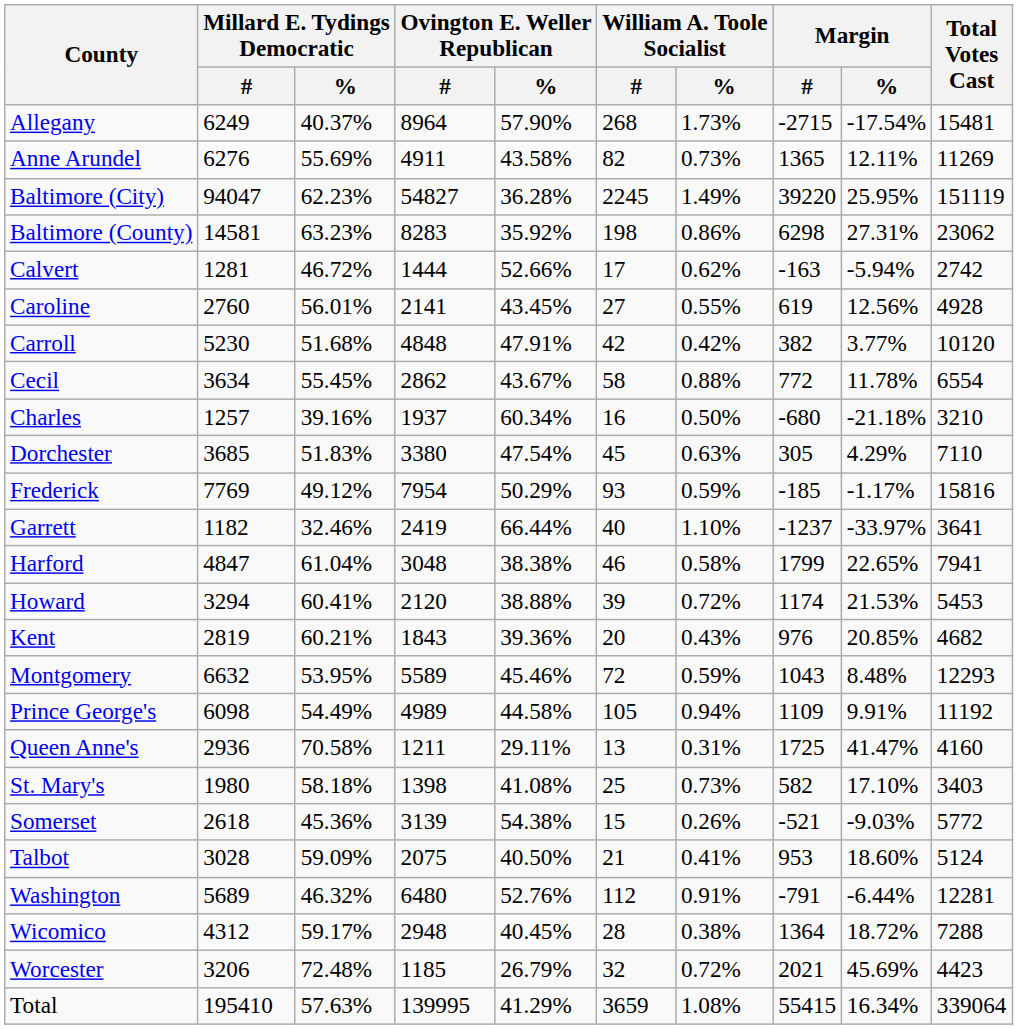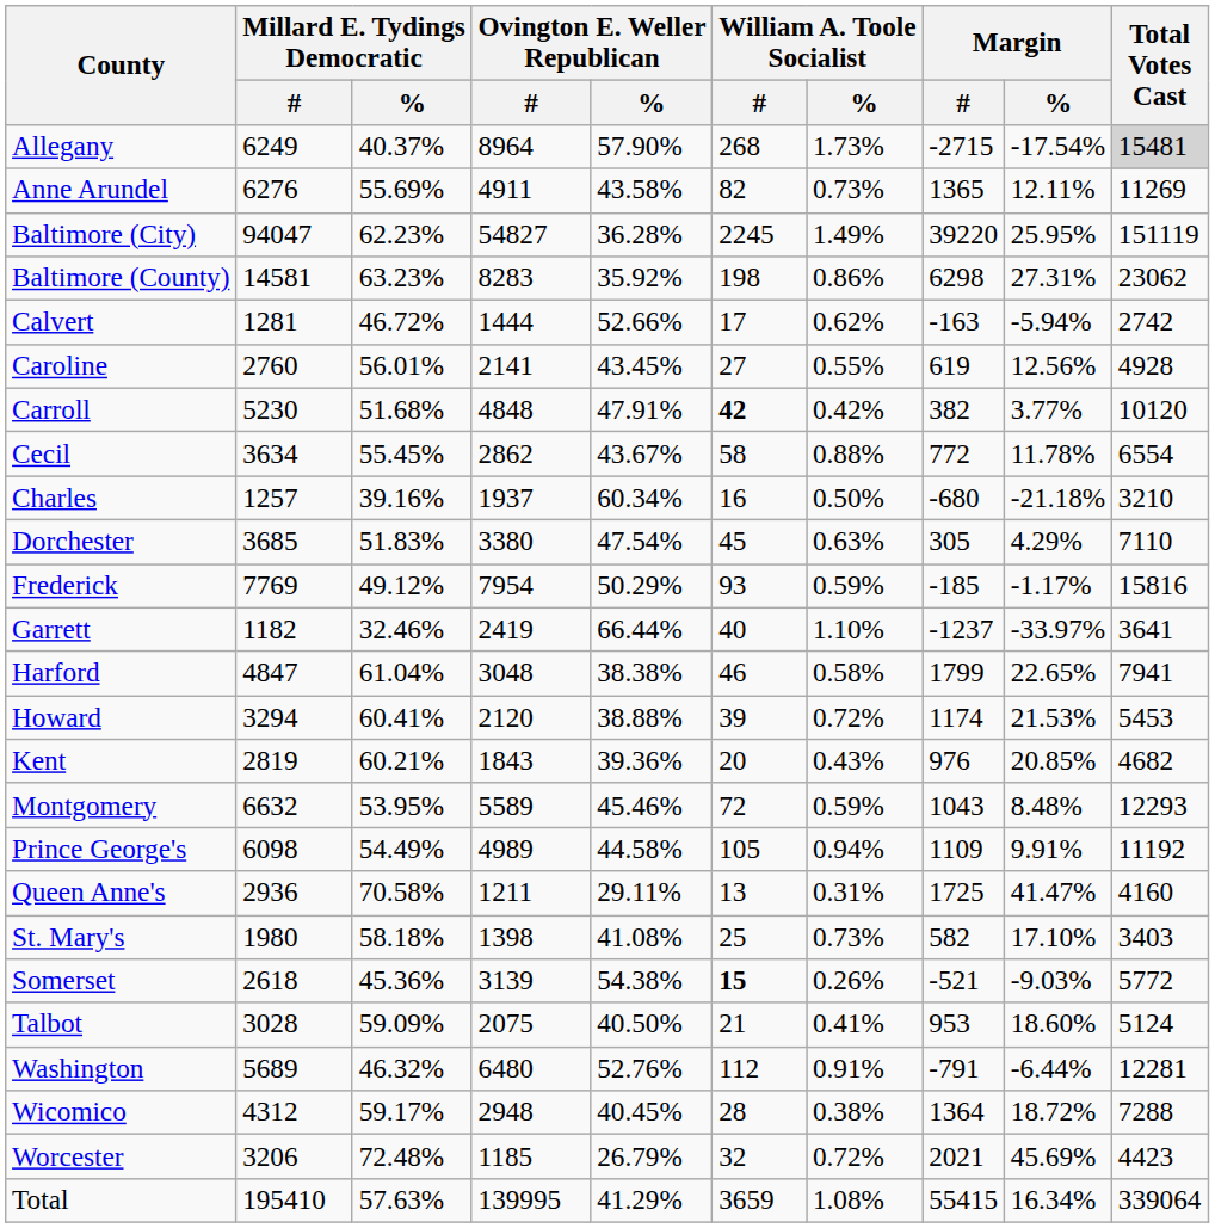 <table class="wikitable sortable">
 <tr>
 <th rowspan="2">County</th>
 <th colspan="2" >Millard E. Tydings<br>Democratic</th>
 <th colspan="2" >Ovington E. Weller<br>Republican</th>
 <th colspan="2" >William A. Toole<br>Socialist</th>
 <th colspan="2">Margin</th>
 <th rowspan="2">Total<br>Votes<br>Cast</th>
 </tr>
 <tr>
 <th>#</th>
 <th>%</th>
 <th>#</th>
 <th>%</th>
 <th>#</th>
 <th>%</th>
 <th>#</th>
 <th>%</th>
 </tr>
 <tr>
 <td><a href='#'>Allegany</a></td>
 <td>6249</td>
 <td>40.37%</td>
 <td>8964</td>
 <td>57.90%</td>
 <td>268</td>
 <td>1.73%</td>
 <td>-2715</td>
 <td>-17.54%</td>
-<td>15481</td>
+<td style="background: lightgrey;">15481</td>
 </tr>
 <tr>
 <td><a href='#'>Anne Arundel</a></td>
 <td>6276</td>
 <td>55.69%</td>
 <td>4911</td>
 <td>43.58%</td>
 <td>82</td>
 <td>0.73%</td>
 <td>1365</td>
 <td>12.11%</td>
 <td>11269</td>
 </tr>
 <tr>
 <td><a href='#'>Baltimore (City)</a></td>
 <td>94047</td>
 <td>62.23%</td>
 <td>54827</td>
 <td>36.28%</td>
 <td>2245</td>
 <td>1.49%</td>
 <td>39220</td>
 <td>25.95%</td>
 <td>151119</td>
 </tr>
 <tr>
 <td><a href='#'>Baltimore (County)</a></td>
 <td>14581</td>
 <td>63.23%</td>
 <td>8283</td>
 <td>35.92%</td>
 <td>198</td>
 <td>0.86%</td>
 <td>6298</td>
 <td>27.31%</td>
 <td>23062</td>
 </tr>
 <tr>
 <td><a href='#'>Calvert</a></td>
 <td>1281</td>
 <td>46.72%</td>
 <td>1444</td>
 <td>52.66%</td>
 <td>17</td>
 <td>0.62%</td>
 <td>-163</td>
 <td>-5.94%</td>
 <td>2742</td>
 </tr>
 <tr>
 <td><a href='#'>Caroline</a></td>
 <td>2760</td>
 <td>56.01%</td>
 <td>2141</td>
 <td>43.45%</td>
 <td>27</td>
 <td>0.55%</td>
 <td>619</td>
 <td>12.56%</td>
 <td>4928</td>
 </tr>
 <tr>
 <td><a href='#'>Carroll</a></td>
 <td>5230</td>
 <td>51.68%</td>
 <td>4848</td>
 <td>47.91%</td>
-<td>42</td>
+<td><strong>42</strong></td>
 <td>0.42%</td>
 <td>382</td>
 <td>3.77%</td>
 <td>10120</td>
 </tr>
 <tr>
 <td><a href='#'>Cecil</a></td>
 <td>3634</td>
 <td>55.45%</td>
 <td>2862</td>
 <td>43.67%</td>
 <td>58</td>
 <td>0.88%</td>
 <td>772</td>
 <td>11.78%</td>
 <td>6554</td>
 </tr>
 <tr>
 <td><a href='#'>Charles</a></td>
 <td>1257</td>
 <td>39.16%</td>
 <td>1937</td>
 <td>60.34%</td>
 <td>16</td>
 <td>0.50%</td>
 <td>-680</td>
 <td>-21.18%</td>
 <td>3210</td>
 </tr>
 <tr>
 <td><a href='#'>Dorchester</a></td>
 <td>3685</td>
 <td>51.83%</td>
 <td>3380</td>
 <td>47.54%</td>
 <td>45</td>
 <td>0.63%</td>
 <td>305</td>
 <td>4.29%</td>
 <td>7110</td>
 </tr>
 <tr>
 <td><a href='#'>Frederick</a></td>
 <td>7769</td>
 <td>49.12%</td>
 <td>7954</td>
 <td>50.29%</td>
 <td>93</td>
 <td>0.59%</td>
 <td>-185</td>
 <td>-1.17%</td>
 <td>15816</td>
 </tr>
 <tr>
 <td><a href='#'>Garrett</a></td>
 <td>1182</td>
 <td>32.46%</td>
 <td>2419</td>
 <td>66.44%</td>
 <td>40</td>
 <td>1.10%</td>
 <td>-1237</td>
 <td>-33.97%</td>
 <td>3641</td>
 </tr>
 <tr>
 <td><a href='#'>Harford</a></td>
 <td>4847</td>
 <td>61.04%</td>
 <td>3048</td>
 <td>38.38%</td>
 <td>46</td>
 <td>0.58%</td>
 <td>1799</td>
 <td>22.65%</td>
 <td>7941</td>
 </tr>
 <tr>
 <td><a href='#'>Howard</a></td>
 <td>3294</td>
 <td>60.41%</td>
 <td>2120</td>
 <td>38.88%</td>
 <td>39</td>
 <td>0.72%</td>
 <td>1174</td>
 <td>21.53%</td>
 <td>5453</td>
 </tr>
 <tr>
 <td><a href='#'>Kent</a></td>
 <td>2819</td>
 <td>60.21%</td>
 <td>1843</td>
 <td>39.36%</td>
 <td>20</td>
 <td>0.43%</td>
 <td>976</td>
 <td>20.85%</td>
 <td>4682</td>
 </tr>
 <tr>
 <td><a href='#'>Montgomery</a></td>
 <td>6632</td>
 <td>53.95%</td>
 <td>5589</td>
 <td>45.46%</td>
 <td>72</td>
 <td>0.59%</td>
 <td>1043</td>
 <td>8.48%</td>
 <td>12293</td>
 </tr>
 <tr>
 <td><a href='#'>Prince George's</a></td>
 <td>6098</td>
 <td>54.49%</td>
 <td>4989</td>
 <td>44.58%</td>
 <td>105</td>
 <td>0.94%</td>
 <td>1109</td>
 <td>9.91%</td>
 <td>11192</td>
 </tr>
 <tr>
 <td><a href='#'>Queen Anne's</a></td>
 <td>2936</td>
 <td>70.58%</td>
 <td>1211</td>
 <td>29.11%</td>
 <td>13</td>
 <td>0.31%</td>
 <td>1725</td>
 <td>41.47%</td>
 <td>4160</td>
 </tr>
 <tr>
 <td><a href='#'>St. Mary's</a></td>
 <td>1980</td>
 <td>58.18%</td>
 <td>1398</td>
 <td>41.08%</td>
 <td>25</td>
 <td>0.73%</td>
 <td>582</td>
 <td>17.10%</td>
 <td>3403</td>
 </tr>
 <tr>
 <td><a href='#'>Somerset</a></td>
 <td>2618</td>
 <td>45.36%</td>
 <td>3139</td>
 <td>54.38%</td>
-<td>15</td>
+<td><strong>15</strong></td>
 <td>0.26%</td>
 <td>-521</td>
 <td>-9.03%</td>
 <td>5772</td>
 </tr>
 <tr>
 <td><a href='#'>Talbot</a></td>
 <td>3028</td>
 <td>59.09%</td>
 <td>2075</td>
 <td>40.50%</td>
 <td>21</td>
 <td>0.41%</td>
 <td>953</td>
 <td>18.60%</td>
 <td>5124</td>
 </tr>
 <tr>
 <td><a href='#'>Washington</a></td>
 <td>5689</td>
 <td>46.32%</td>
 <td>6480</td>
 <td>52.76%</td>
 <td>112</td>
 <td>0.91%</td>
 <td>-791</td>
 <td>-6.44%</td>
 <td>12281</td>
 </tr>
 <tr>
 <td><a href='#'>Wicomico</a></td>
 <td>4312</td>
 <td>59.17%</td>
 <td>2948</td>
 <td>40.45%</td>
 <td>28</td>
 <td>0.38%</td>
 <td>1364</td>
 <td>18.72%</td>
 <td>7288</td>
 </tr>
 <tr>
 <td><a href='#'>Worcester</a></td>
 <td>3206</td>
 <td>72.48%</td>
 <td>1185</td>
 <td>26.79%</td>
 <td>32</td>
 <td>0.72%</td>
 <td>2021</td>
 <td>45.69%</td>
 <td>4423</td>
 </tr>
 <tr>
 <td>Total</td>
 <td>195410</td>
 <td>57.63%</td>
 <td>139995</td>
 <td>41.29%</td>
 <td>3659</td>
 <td>1.08%</td>
 <td>55415</td>
 <td>16.34%</td>
 <td>339064</td>
 </tr>
 </table>
